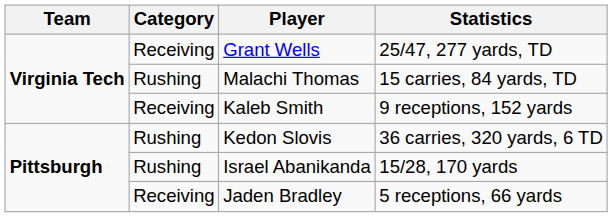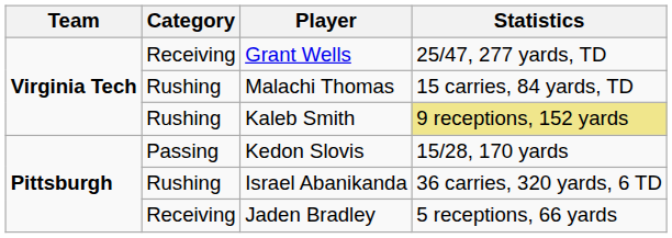 <table class="wikitable" style="float: right;">
 <tr>
 <th>Team</th>
 <th>Category</th>
 <th>Player</th>
 <th>Statistics</th>
 </tr>
 <tr>
 <td rowspan=3><strong>Virginia Tech</strong></td>
 <td>Receiving</td>
 <td><a href='#'>Grant Wells</a></td>
 <td>25/47, 277 yards, TD</td>
 </tr>
 <tr>
 <td>Rushing</td>
 <td>Malachi Thomas</td>
 <td>15 carries, 84 yards, TD</td>
 </tr>
 <tr>
-<td>Receiving</td>
+<td>Rushing</td>
 <td>Kaleb Smith</td>
-<td>9 receptions, 152 yards</td>
+<td style="background: khaki;">9 receptions, 152 yards</td>
 </tr>
 <tr>
 <td rowspan=3><strong>Pittsburgh</strong></td>
-<td>Rushing</td>
+<td>Passing</td>
 <td>Kedon Slovis</td>
-<td>36 carries, 320 yards, 6 TD</td>
+<td>15/28, 170 yards</td>
 </tr>
 <tr>
 <td>Rushing</td>
 <td>Israel Abanikanda</td>
-<td>15/28, 170 yards</td>
+<td>36 carries, 320 yards, 6 TD</td>
 </tr>
 <tr>
 <td>Receiving</td>
 <td>Jaden Bradley</td>
 <td>5 receptions, 66 yards</td>
 </tr>
 </table>
